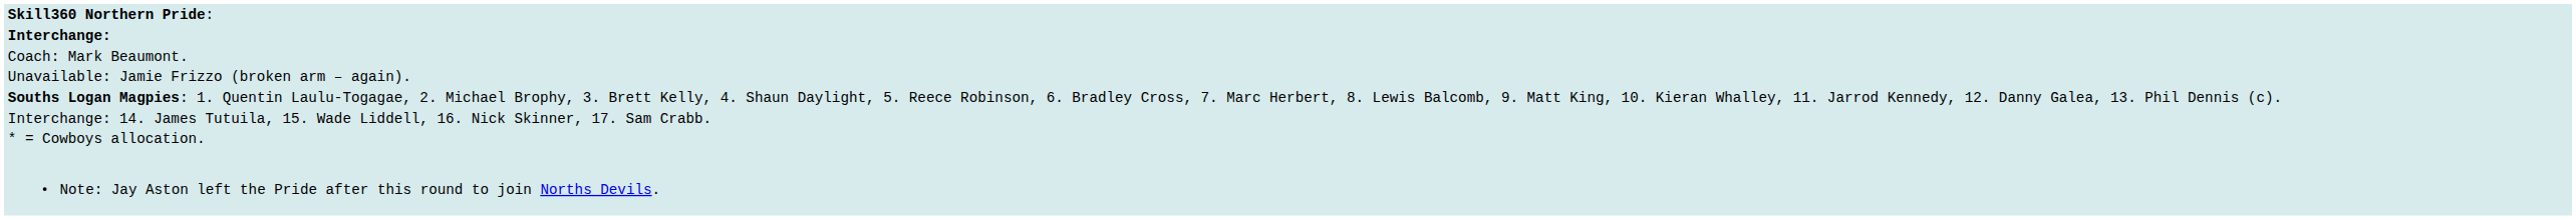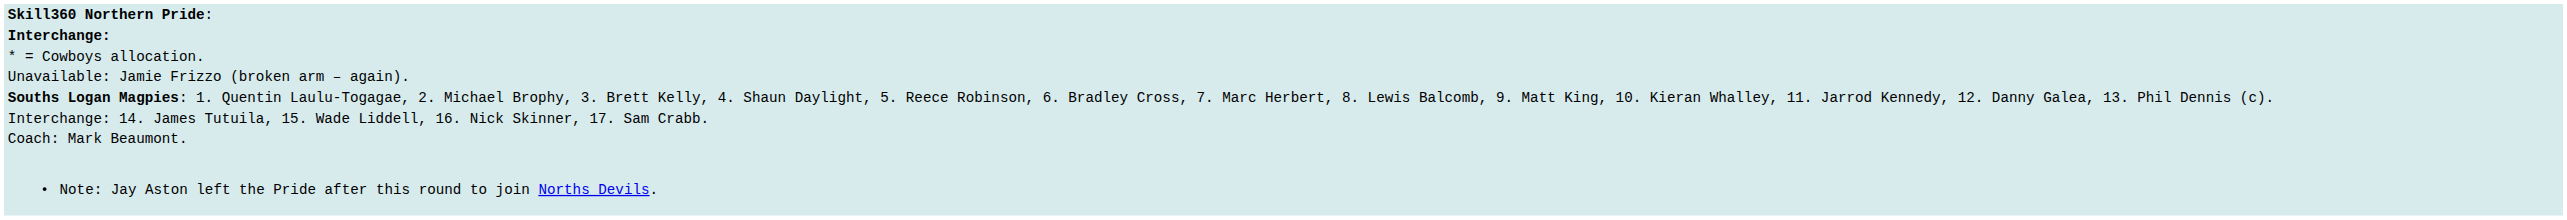 <table style="background:#d7ebed; font-size:85%; width:100%;">
 <tr>
 <td><strong>Skill360 Northern Pride</strong>:            </td>
 </tr>
 <tr>
 <td><strong>Interchange:    </strong></td>
 </tr>
 <tr>
-<td>Coach: Mark Beaumont.</td>
+<td>* = Cowboys allocation.</td>
 </tr>
 <tr>
 <td>Unavailable: Jamie Frizzo (broken arm – again).</td>
 </tr>
 <tr>
 <td><strong>Souths Logan Magpies</strong>: 1. Quentin Laulu-Togagae, 2. Michael Brophy, 3. Brett Kelly, 4. Shaun Daylight, 5. Reece Robinson, 6. Bradley Cross, 7. Marc Herbert, 8. Lewis Balcomb, 9. Matt King, 10. Kieran Whalley, 11. Jarrod Kennedy, 12. Danny Galea, 13. Phil Dennis (c).</td>
 </tr>
 <tr>
 <td>Interchange: 14. James Tutuila, 15. Wade Liddell, 16. Nick Skinner, 17. Sam Crabb.</td>
 </tr>
 <tr>
-<td>* = Cowboys allocation.</td>
+<td>Coach: Mark Beaumont.</td>
 </tr>
 <tr>
 <td><br><ul><li>Note: Jay Aston left the Pride after this round to join <a href='#'>Norths Devils</a>.</li></ul></td>
 </tr>
 </table>
